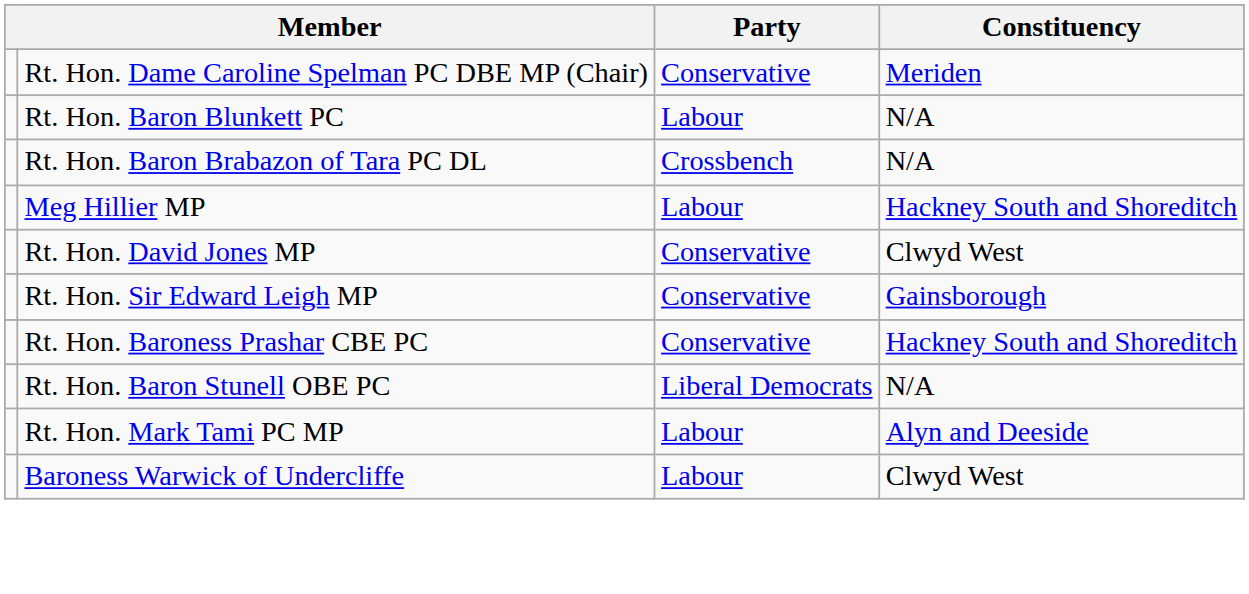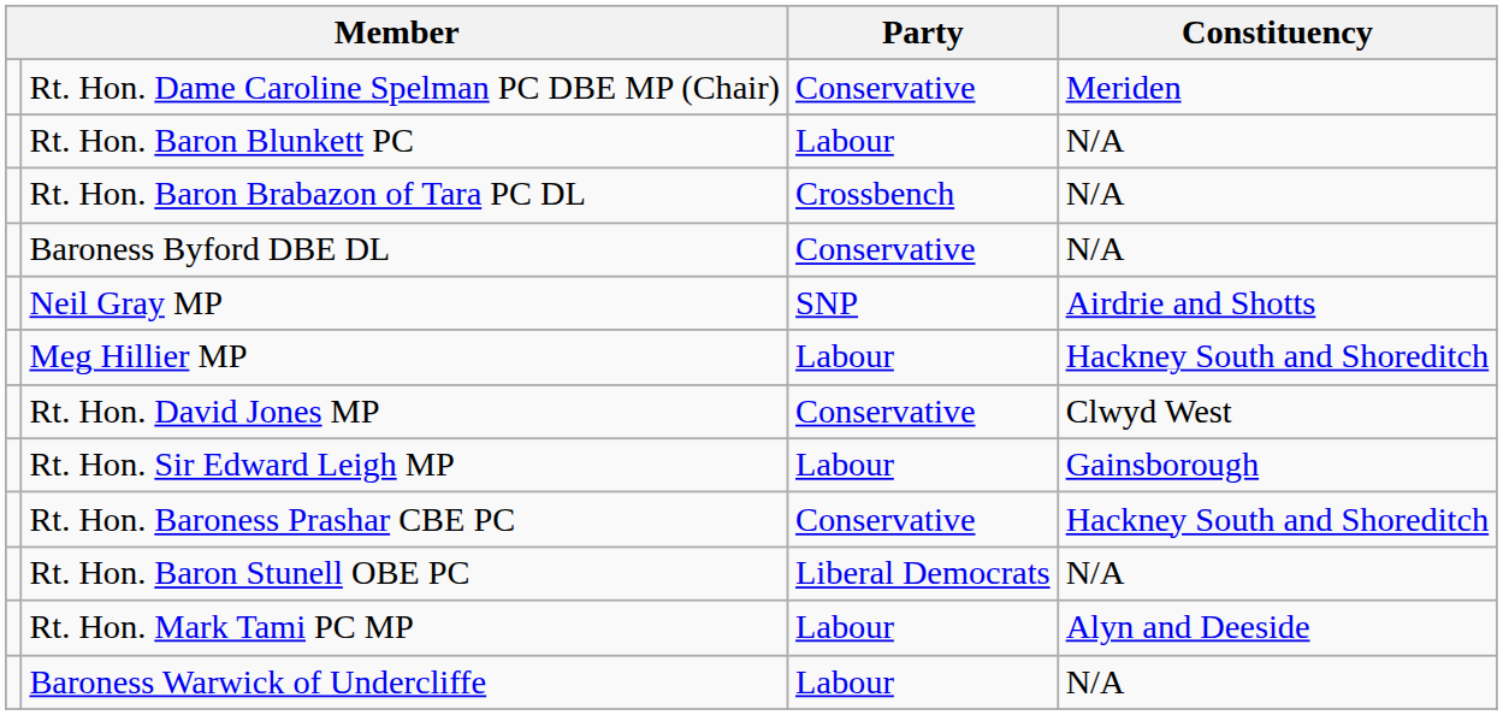 <table class="wikitable">
 <tr>
 <th colspan="2" valign="top">Member</th>
 <th valign="top">Party</th>
 <th valign="top">Constituency</th>
 </tr>
 <tr>
 <td style="color:inherit;background:"></td>
 <td>Rt. Hon. <a href='#'>Dame Caroline Spelman</a> PC DBE MP (Chair)</td>
 <td><a href='#'>Conservative</a></td>
 <td><a href='#'>Meriden</a></td>
 </tr>
 <tr>
 <td style="color:inherit;background:"></td>
 <td>Rt. Hon. <a href='#'>Baron Blunkett</a> PC</td>
 <td><a href='#'>Labour</a></td>
 <td>N/A</td>
 </tr>
 <tr>
 <td style="color:inherit;background:"></td>
 <td>Rt. Hon. <a href='#'>Baron Brabazon of Tara</a> PC DL</td>
 <td><a href='#'>Crossbench</a></td>
 <td>N/A</td>
 </tr>
 <tr>
 <td style="color:inherit;background:"></td>
+<td>Baroness Byford DBE DL</td>
+<td><a href='#'>Conservative</a></td>
+<td>N/A</td>
+</tr>
+<tr>
+<td style="color:inherit;background:"></td>
+<td><a href='#'>Neil Gray</a> MP</td>
+<td><a href='#'>SNP</a></td>
+<td><a href='#'>Airdrie and Shotts</a></td>
+</tr>
+<tr>
+<td style="color:inherit;background:"></td>
 <td><a href='#'>Meg Hillier</a> MP</td>
 <td><a href='#'>Labour</a></td>
 <td><a href='#'>Hackney South and Shoreditch</a></td>
 </tr>
 <tr>
 <td style="color:inherit;background:"></td>
 <td>Rt. Hon. <a href='#'>David Jones</a> MP</td>
 <td><a href='#'>Conservative</a></td>
 <td>Clwyd West</td>
 </tr>
 <tr>
 <td style="color:inherit;background:"></td>
 <td>Rt. Hon. <a href='#'>Sir Edward Leigh</a> MP</td>
-<td><a href='#'>Conservative</a></td>
+<td><a href='#'>Labour</a></td>
 <td><a href='#'>Gainsborough</a></td>
 </tr>
 <tr>
 <td style="color:inherit;background:"></td>
 <td>Rt. Hon. <a href='#'>Baroness Prashar</a> CBE PC</td>
 <td><a href='#'>Conservative</a></td>
 <td><a href='#'>Hackney South and Shoreditch</a></td>
 </tr>
 <tr>
 <td style="color:inherit;background:"></td>
 <td>Rt. Hon. <a href='#'>Baron Stunell</a> OBE PC</td>
 <td><a href='#'>Liberal Democrats</a></td>
 <td>N/A</td>
 </tr>
 <tr>
 <td style="color:inherit;background:"></td>
 <td>Rt. Hon. <a href='#'>Mark Tami</a> PC MP</td>
 <td><a href='#'>Labour</a></td>
 <td><a href='#'>Alyn and Deeside</a></td>
 </tr>
 <tr>
 <td style="color:inherit;background:"></td>
 <td><a href='#'>Baroness Warwick of Undercliffe</a></td>
 <td><a href='#'>Labour</a></td>
-<td>Clwyd West</td>
+<td>N/A</td>
 </tr>
 </table>
